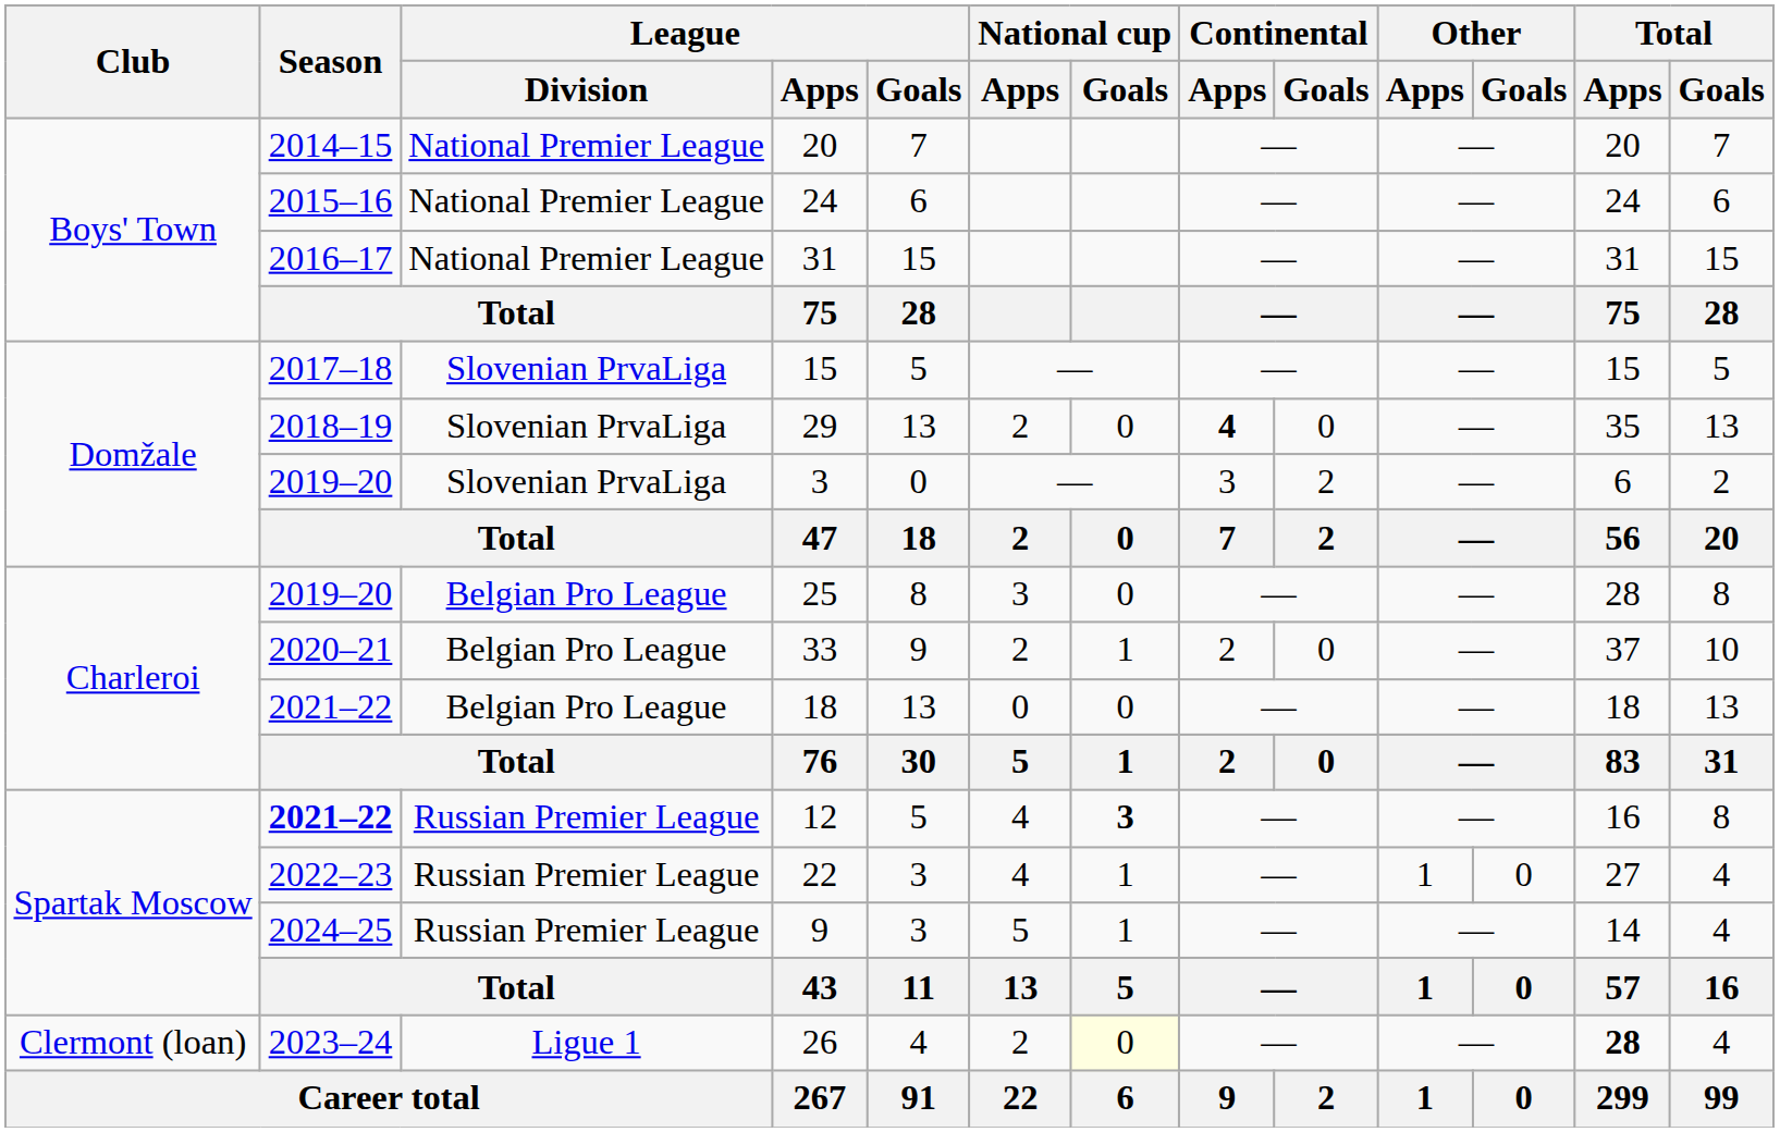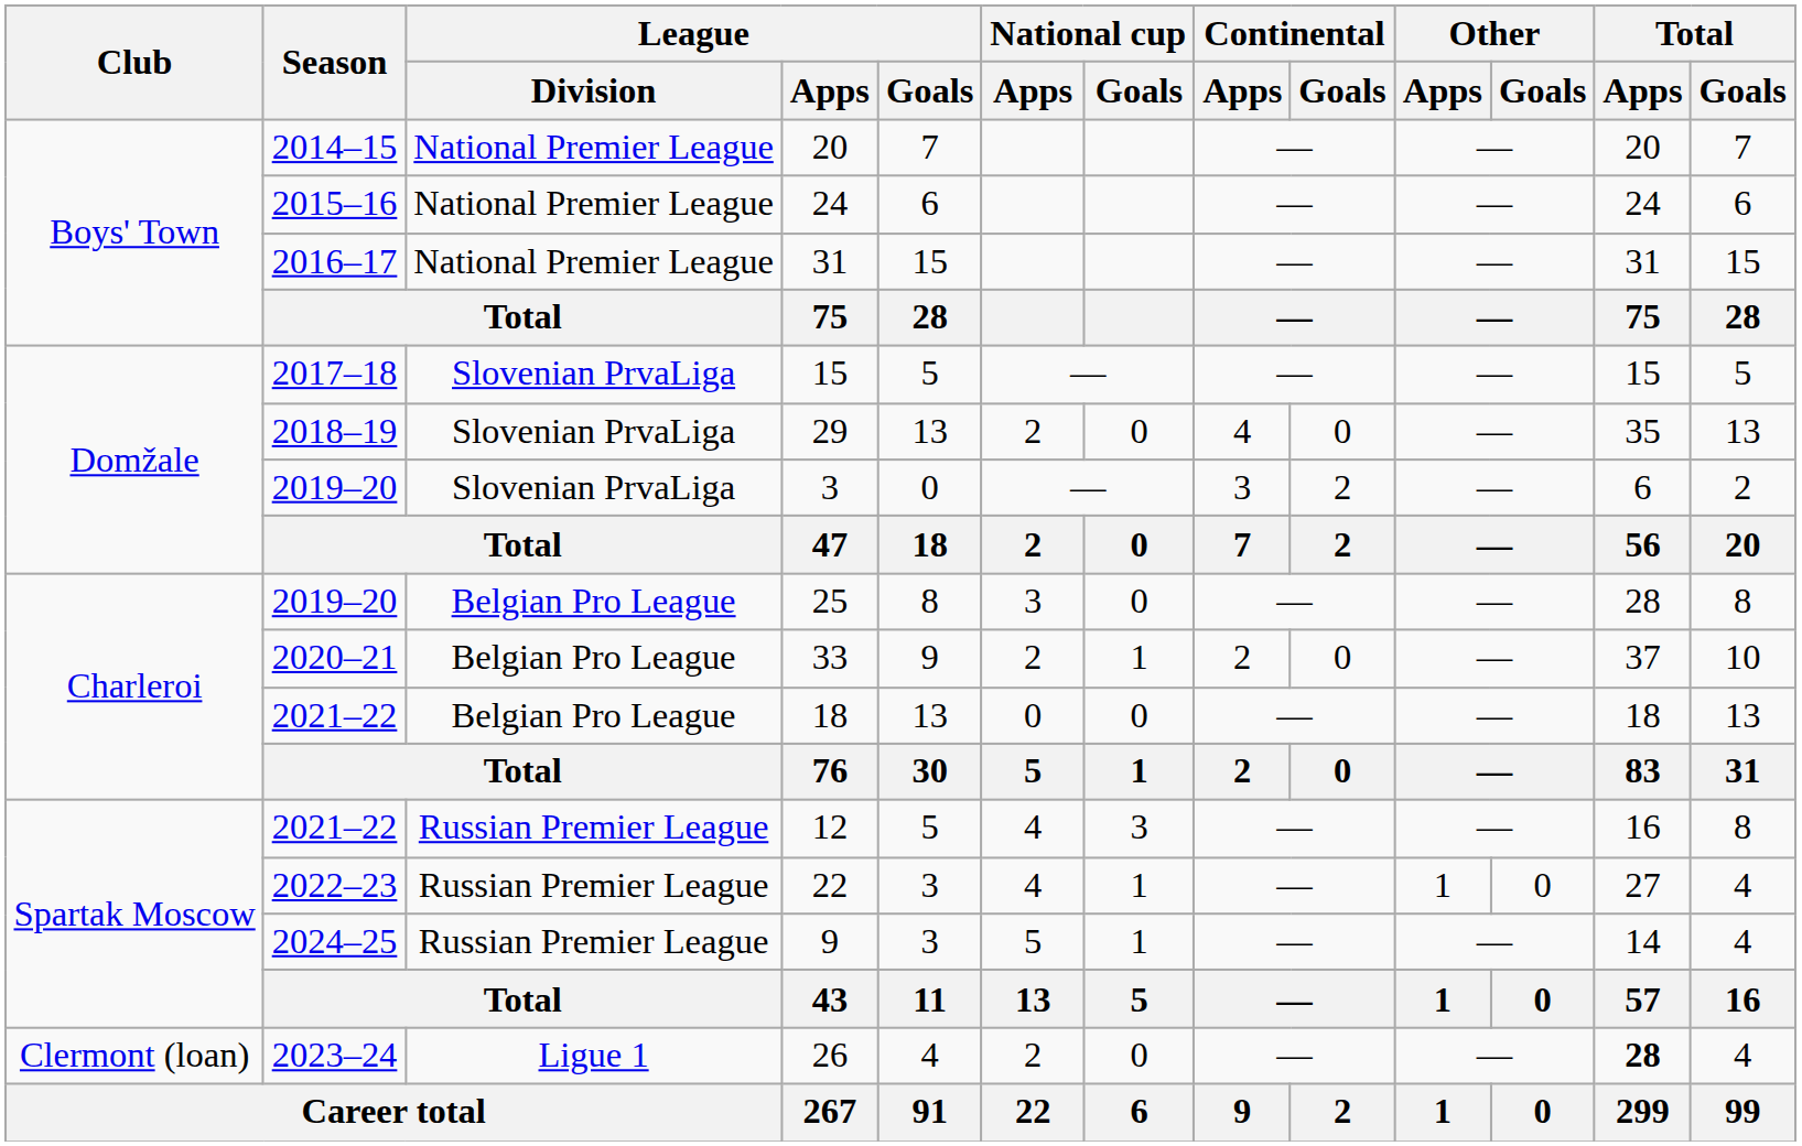 <table class="wikitable" style="text-align:center">
 <tr>
 <th rowspan="2">Club</th>
 <th rowspan="2">Season</th>
 <th colspan="3">League</th>
 <th colspan="2">National cup</th>
 <th colspan="2">Continental</th>
 <th colspan="2">Other</th>
 <th colspan="2">Total</th>
 </tr>
 <tr>
 <th>Division</th>
 <th>Apps</th>
 <th>Goals</th>
 <th>Apps</th>
 <th>Goals</th>
 <th>Apps</th>
 <th>Goals</th>
 <th>Apps</th>
 <th>Goals</th>
 <th>Apps</th>
 <th>Goals</th>
 </tr>
 <tr>
 <td rowspan="4"><a href='#'>Boys' Town</a></td>
 <td><a href='#'>2014–15</a></td>
 <td><a href='#'>National Premier League</a></td>
 <td>20</td>
 <td>7</td>
 <td></td>
 <td></td>
 <td colspan="2">—</td>
 <td colspan="2">—</td>
 <td>20</td>
 <td>7</td>
 </tr>
 <tr>
 <td><a href='#'>2015–16</a></td>
 <td>National Premier League</td>
 <td>24</td>
 <td>6</td>
 <td></td>
 <td></td>
 <td colspan="2">—</td>
 <td colspan="2">—</td>
 <td>24</td>
 <td>6</td>
 </tr>
 <tr>
 <td><a href='#'>2016–17</a></td>
 <td>National Premier League</td>
 <td>31</td>
 <td>15</td>
 <td></td>
 <td></td>
 <td colspan="2">—</td>
 <td colspan="2">—</td>
 <td>31</td>
 <td>15</td>
 </tr>
 <tr>
 <th colspan="2">Total</th>
 <th>75</th>
 <th>28</th>
 <th></th>
 <th></th>
 <th colspan="2">—</th>
 <th colspan="2">—</th>
 <th>75</th>
 <th>28</th>
 </tr>
 <tr>
 <td rowspan="4"><a href='#'>Domžale</a></td>
 <td><a href='#'>2017–18</a></td>
 <td><a href='#'>Slovenian PrvaLiga</a></td>
 <td>15</td>
 <td>5</td>
 <td colspan="2">—</td>
 <td colspan="2">—</td>
 <td colspan="2">—</td>
 <td>15</td>
 <td>5</td>
 </tr>
 <tr>
 <td><a href='#'>2018–19</a></td>
 <td>Slovenian PrvaLiga</td>
 <td>29</td>
 <td>13</td>
 <td>2</td>
 <td>0</td>
-<td><strong>4</strong></td>
+<td>4</td>
 <td>0</td>
 <td colspan="2">—</td>
 <td>35</td>
 <td>13</td>
 </tr>
 <tr>
 <td><a href='#'>2019–20</a></td>
 <td>Slovenian PrvaLiga</td>
 <td>3</td>
 <td>0</td>
 <td colspan="2">—</td>
 <td>3</td>
 <td>2</td>
 <td colspan="2">—</td>
 <td>6</td>
 <td>2</td>
 </tr>
 <tr>
 <th colspan="2">Total</th>
 <th>47</th>
 <th>18</th>
 <th>2</th>
 <th>0</th>
 <th>7</th>
 <th>2</th>
 <th colspan="2">—</th>
 <th>56</th>
 <th>20</th>
 </tr>
 <tr>
 <td rowspan="4"><a href='#'>Charleroi</a></td>
 <td><a href='#'>2019–20</a></td>
 <td><a href='#'>Belgian Pro League</a></td>
 <td>25</td>
 <td>8</td>
 <td>3</td>
 <td>0</td>
 <td colspan="2">—</td>
 <td colspan="2">—</td>
 <td>28</td>
 <td>8</td>
 </tr>
 <tr>
 <td><a href='#'>2020–21</a></td>
 <td>Belgian Pro League</td>
 <td>33</td>
 <td>9</td>
 <td>2</td>
 <td>1</td>
 <td>2</td>
 <td>0</td>
 <td colspan="2">—</td>
 <td>37</td>
 <td>10</td>
 </tr>
 <tr>
 <td><a href='#'>2021–22</a></td>
 <td>Belgian Pro League</td>
 <td>18</td>
 <td>13</td>
 <td>0</td>
 <td>0</td>
 <td colspan="2">—</td>
 <td colspan="2">—</td>
 <td>18</td>
 <td>13</td>
 </tr>
 <tr>
 <th colspan="2">Total</th>
 <th>76</th>
 <th>30</th>
 <th>5</th>
 <th>1</th>
 <th>2</th>
 <th>0</th>
 <th colspan="2">—</th>
 <th>83</th>
 <th>31</th>
 </tr>
 <tr>
 <td rowspan="4"><a href='#'>Spartak Moscow</a></td>
-<td><strong><a href='#'>2021–22</a></strong></td>
+<td><a href='#'>2021–22</a></td>
 <td><a href='#'>Russian Premier League</a></td>
 <td>12</td>
 <td>5</td>
 <td>4</td>
-<td><strong>3</strong></td>
+<td>3</td>
 <td colspan="2">—</td>
 <td colspan="2">—</td>
 <td>16</td>
 <td>8</td>
 </tr>
 <tr>
 <td><a href='#'>2022–23</a></td>
 <td>Russian Premier League</td>
 <td>22</td>
 <td>3</td>
 <td>4</td>
 <td>1</td>
 <td colspan="2">—</td>
 <td>1</td>
 <td>0</td>
 <td>27</td>
 <td>4</td>
 </tr>
 <tr>
 <td><a href='#'>2024–25</a></td>
 <td>Russian Premier League</td>
 <td>9</td>
 <td>3</td>
 <td>5</td>
 <td>1</td>
 <td colspan="2">—</td>
 <td colspan="2">—</td>
 <td>14</td>
 <td>4</td>
 </tr>
 <tr>
 <th colspan="2">Total</th>
 <th>43</th>
 <th>11</th>
 <th>13</th>
 <th>5</th>
 <th colspan="2">—</th>
 <th>1</th>
 <th>0</th>
 <th>57</th>
 <th>16</th>
 </tr>
 <tr>
 <td><a href='#'>Clermont</a> (loan)</td>
 <td><a href='#'>2023–24</a></td>
 <td><a href='#'>Ligue 1</a></td>
 <td>26</td>
 <td>4</td>
 <td>2</td>
-<td style="background: lightyellow;">0</td>
+<td>0</td>
 <td colspan="2">—</td>
 <td colspan="2">—</td>
 <td><strong>28</strong></td>
 <td>4</td>
 </tr>
 <tr>
 <th colspan="3">Career total</th>
 <th>267</th>
 <th>91</th>
 <th>22</th>
 <th>6</th>
 <th>9</th>
 <th>2</th>
 <th>1</th>
 <th>0</th>
 <th>299</th>
 <th>99</th>
 </tr>
 </table>
